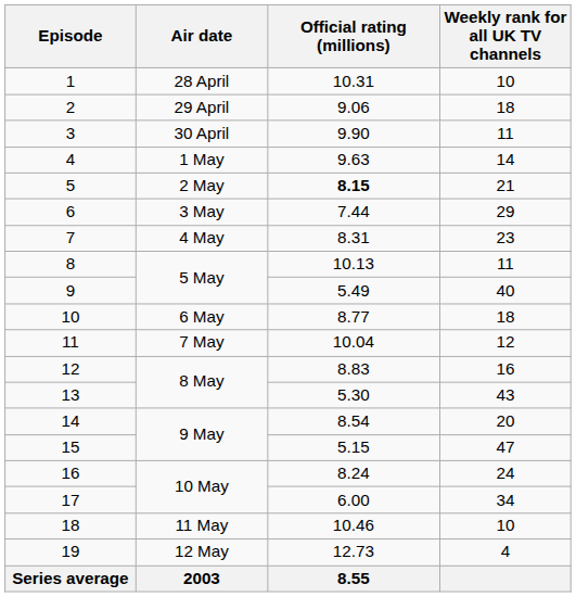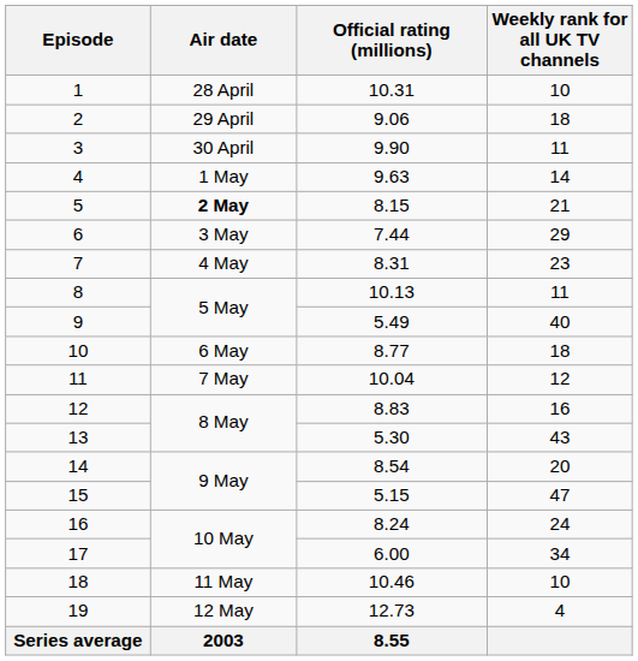 <table class="wikitable" style="text-align:center; margin: 1em auto 1em auto">
 <tr>
 <th scope="col" style="width:120px;">Episode</th>
 <th scope="col" style="width:120px;">Air date</th>
 <th scope="col" style="width:160px;">Official rating <br> (millions)</th>
 <th scope="col" style="width:120px;">Weekly rank for all UK TV channels</th>
 </tr>
 <tr>
 <td>1</td>
 <td>28 April</td>
 <td>10.31</td>
 <td>10</td>
 </tr>
 <tr>
 <td>2</td>
 <td>29 April</td>
 <td>9.06</td>
 <td>18</td>
 </tr>
 <tr>
 <td>3</td>
 <td>30 April</td>
 <td>9.90</td>
 <td>11</td>
 </tr>
 <tr>
 <td>4</td>
 <td>1 May</td>
 <td>9.63</td>
 <td>14</td>
 </tr>
 <tr>
 <td>5</td>
-<td>2 May</td>
-<td><strong>8.15</strong></td>
+<td><strong>2 May</strong></td>
+<td>8.15</td>
 <td>21</td>
 </tr>
 <tr>
 <td>6</td>
 <td>3 May</td>
 <td>7.44</td>
 <td>29</td>
 </tr>
 <tr>
 <td>7</td>
 <td>4 May</td>
 <td>8.31</td>
 <td>23</td>
 </tr>
 <tr>
 <td>8</td>
 <td rowspan="2">5 May</td>
 <td>10.13</td>
 <td>11</td>
 </tr>
 <tr>
 <td>9</td>
 <td>5.49</td>
 <td>40</td>
 </tr>
 <tr>
 <td>10</td>
 <td>6 May</td>
 <td>8.77</td>
 <td>18</td>
 </tr>
 <tr>
 <td>11</td>
 <td>7 May</td>
 <td>10.04</td>
 <td>12</td>
 </tr>
 <tr>
 <td>12</td>
 <td rowspan="2">8 May</td>
 <td>8.83</td>
 <td>16</td>
 </tr>
 <tr>
 <td>13</td>
 <td>5.30</td>
 <td>43</td>
 </tr>
 <tr>
 <td>14</td>
 <td rowspan="2">9 May</td>
 <td>8.54</td>
 <td>20</td>
 </tr>
 <tr>
 <td>15</td>
 <td>5.15</td>
 <td>47</td>
 </tr>
 <tr>
 <td>16</td>
 <td rowspan="2">10 May</td>
 <td>8.24</td>
 <td>24</td>
 </tr>
 <tr>
 <td>17</td>
 <td>6.00</td>
 <td>34</td>
 </tr>
 <tr>
 <td>18</td>
 <td>11 May</td>
 <td>10.46</td>
 <td>10</td>
 </tr>
 <tr>
 <td>19</td>
 <td>12 May</td>
 <td>12.73</td>
 <td>4</td>
 </tr>
 <tr>
 <th>Series average</th>
 <th>2003</th>
 <th>8.55</th>
 <th></th>
 </tr>
 </table>
